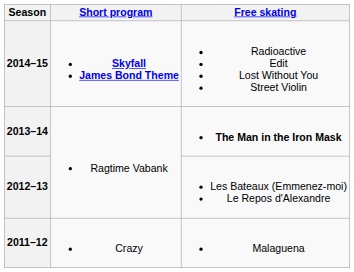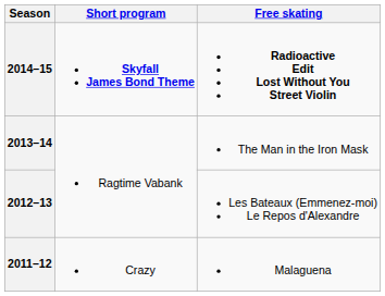 <table class=wikitable style=text-align:center>
 <tr>
 <th>Season</th>
 <th><a href='#'>Short program</a></th>
 <th><a href='#'>Free skating</a></th>
 </tr>
 <tr>
 <th>2014–15 <br> </th>
 <td><strong><br><ul><li><a href='#'>Skyfall</a></li><li><a href='#'>James Bond Theme</a></li></ul></strong></td>
-<td><br><ul><li>Radioactive <br></li><li>Edit <br></li><li>Lost Without You <br></li><li>Street Violin <br></li></ul></td>
+<td><strong><br><ul><li>Radioactive <br></li><li>Edit <br></li><li>Lost Without You <br></li><li>Street Violin <br></li></ul></strong></td>
 </tr>
 <tr>
 <th>2013–14 <br> </th>
 <td rowspan=2><br><ul><li>Ragtime Vabank <br></li></ul></td>
-<td><strong><br><ul><li>The Man in the Iron Mask <br></li></ul></strong></td>
+<td><br><ul><li>The Man in the Iron Mask <br></li></ul></td>
 </tr>
 <tr>
 <th>2012–13 <br> </th>
 <td><br><ul><li>Les Bateaux (Emmenez-moi) <br></li><li>Le Repos d'Alexandre <br></li></ul></td>
 </tr>
 <tr>
 <th>2011–12 <br> </th>
 <td><br><ul><li>Crazy</li></ul></td>
 <td><br><ul><li>Malaguena <br></li></ul></td>
 </tr>
 </table>
